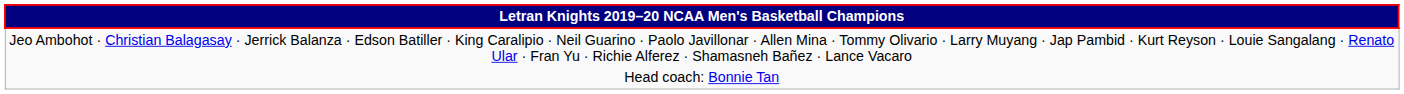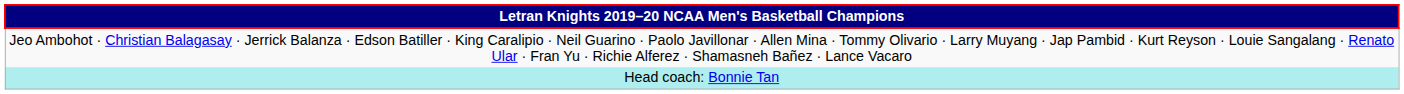 <table class="wikitable" style="text-align: center">
 <tr>
 <th style = "background:#020080; border:2px solid red; color:white">Letran Knights 2019–20 NCAA Men's Basketball Champions</th>
 </tr>
 <tr>
 <td style="border-style: none none none none;">Jeo Ambohot · <a href='#'>Christian Balagasay</a> · Jerrick Balanza · Edson Batiller · King Caralipio · Neil Guarino · Paolo Javillonar · Allen Mina · Tommy Olivario · Larry Muyang · Jap Pambid · Kurt Reyson · Louie Sangalang · <a href='#'>Renato Ular</a> · Fran Yu · Richie Alferez · Shamasneh Bañez · Lance Vacaro</td>
 </tr>
 <tr>
-<td style="border-style: none none none none;">Head coach: <a href='#'>Bonnie Tan</a></td>
+<td style="background: paleturquoise; border-style: none none none none;">Head coach: <a href='#'>Bonnie Tan</a></td>
 </tr>
 </table>
